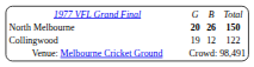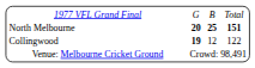 <table style="margin-right:4px; margin-top:8px; float:right; border:1px #000000 solid; border-radius:8px; background:#FFFFFF; font-family:Verdana; font-size:8pt; text-align:center;">
 <tr>
 <td width=200><em><a href='#'>1977 VFL Grand Final</a></em></td>
 <td><em>G</em></td>
 <td><em>B</em></td>
 <td><em>Total</em></td>
 </tr>
 <tr>
 <td style="text-align:left"> North Melbourne</td>
 <td><strong>20</strong></td>
-<td><strong>26</strong></td>
-<td><strong>150</strong></td>
+<td><strong>25</strong></td>
+<td><strong>151</strong></td>
 </tr>
 <tr>
 <td style="text-align:left"> Collingwood</td>
-<td>19</td>
+<td><strong>19</strong></td>
 <td>12</td>
 <td>122</td>
 </tr>
 <tr>
 <td>Venue: <a href='#'>Melbourne Cricket Ground</a></td>
 <td colspan="3">Crowd: 98,491</td>
 </tr>
 </table>
